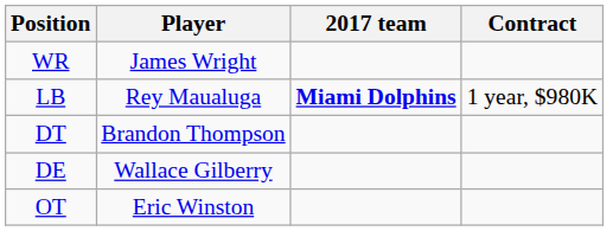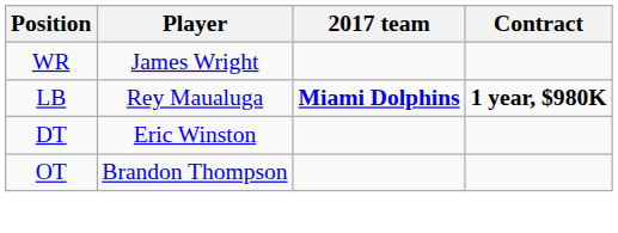 <table class="wikitable" style="text-align:center">
 <tr>
 <th>Position</th>
 <th>Player</th>
 <th>2017 team</th>
 <th>Contract</th>
 </tr>
 <tr>
 <td><a href='#'>WR</a></td>
 <td><a href='#'>James Wright</a></td>
 <td></td>
 <td></td>
 </tr>
 <tr>
 <td><a href='#'>LB</a></td>
 <td><a href='#'>Rey Maualuga</a></td>
 <td><strong><a href='#'>Miami Dolphins</a></strong></td>
-<td>1 year, $980K</td>
+<td><strong>1 year, $980K</strong></td>
 </tr>
 <tr>
 <td><a href='#'>DT</a></td>
-<td><a href='#'>Brandon Thompson</a></td>
-<td></td>
-<td></td>
-</tr>
-<tr>
-<td><a href='#'>DE</a></td>
-<td><a href='#'>Wallace Gilberry</a></td>
+<td><a href='#'>Eric Winston</a></td>
 <td></td>
 <td></td>
 </tr>
 <tr>
 <td><a href='#'>OT</a></td>
-<td><a href='#'>Eric Winston</a></td>
+<td><a href='#'>Brandon Thompson</a></td>
 <td></td>
 <td></td>
 </tr>
 </table>
